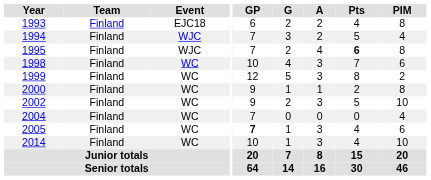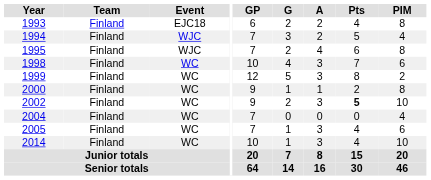 <table border="0" cellpadding="1" cellspacing="0" ID="Table3" style="text-align:center; width:40em">
 <tr ALIGN="center" bgcolor="#e0e0e0">
 <th>Year</th>
 <th>Team</th>
 <th>Event</th>
 <th rowspan="99" bgcolor="#ffffff"></th>
 <th>GP</th>
 <th>G</th>
 <th>A</th>
 <th>Pts</th>
 <th>PIM</th>
 </tr>
 <tr style="text-align:center;">
 <td><a href='#'>1993</a></td>
 <td><a href='#'>Finland</a></td>
 <td>EJC18</td>
 <td>6</td>
 <td>2</td>
 <td>2</td>
 <td>4</td>
 <td>8</td>
 </tr>
 <tr style="text-align:center; background:#f0f0f0;">
 <td><a href='#'>1994</a></td>
 <td>Finland</td>
 <td><a href='#'>WJC</a></td>
 <td>7</td>
 <td>3</td>
 <td>2</td>
 <td>5</td>
 <td>4</td>
 </tr>
 <tr style="text-align:center;">
 <td><a href='#'>1995</a></td>
 <td>Finland</td>
 <td>WJC</td>
 <td>7</td>
 <td>2</td>
 <td>4</td>
-<td><strong>6</strong></td>
+<td>6</td>
 <td>8</td>
 </tr>
 <tr style="text-align:center; background:#f0f0f0;">
 <td><a href='#'>1998</a></td>
 <td>Finland</td>
 <td><a href='#'>WC</a></td>
 <td>10</td>
 <td>4</td>
 <td>3</td>
 <td>7</td>
 <td>6</td>
 </tr>
 <tr style="text-align:center;">
 <td><a href='#'>1999</a></td>
 <td>Finland</td>
 <td>WC</td>
 <td>12</td>
 <td>5</td>
 <td>3</td>
 <td>8</td>
 <td>2</td>
 </tr>
 <tr style="text-align:center; background:#f0f0f0;">
 <td><a href='#'>2000</a></td>
 <td>Finland</td>
 <td>WC</td>
 <td>9</td>
 <td>1</td>
 <td>1</td>
 <td>2</td>
 <td>8</td>
 </tr>
 <tr style="text-align:center;">
 <td><a href='#'>2002</a></td>
 <td>Finland</td>
 <td>WC</td>
 <td>9</td>
 <td>2</td>
 <td>3</td>
-<td>5</td>
+<td><strong>5</strong></td>
 <td>10</td>
 </tr>
 <tr style="text-align:center; background:#f0f0f0;">
 <td><a href='#'>2004</a></td>
 <td>Finland</td>
 <td>WC</td>
 <td>7</td>
 <td>0</td>
 <td>0</td>
 <td>0</td>
 <td>4</td>
 </tr>
 <tr style="text-align:center;">
 <td><a href='#'>2005</a></td>
 <td>Finland</td>
 <td>WC</td>
-<td><strong>7</strong></td>
+<td>7</td>
 <td>1</td>
 <td>3</td>
 <td>4</td>
 <td>6</td>
 </tr>
 <tr style="text-align:center; background:#f0f0f0;">
 <td><a href='#'>2014</a></td>
 <td>Finland</td>
 <td>WC</td>
 <td>10</td>
 <td>1</td>
 <td>3</td>
 <td>4</td>
 <td>10</td>
 </tr>
 <tr style="background:#e0e0e0;">
 <th colspan="3">Junior totals</th>
 <th>20</th>
 <th>7</th>
 <th>8</th>
 <th>15</th>
 <th>20</th>
 </tr>
 <tr style="background:#e0e0e0;">
 <th colspan="3">Senior totals</th>
 <th>64</th>
 <th>14</th>
 <th>16</th>
 <th>30</th>
 <th>46</th>
 </tr>
 </table>
